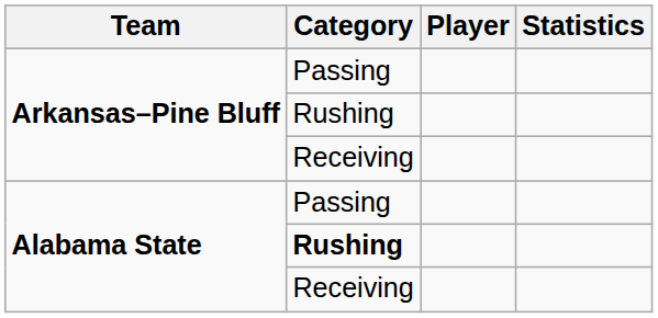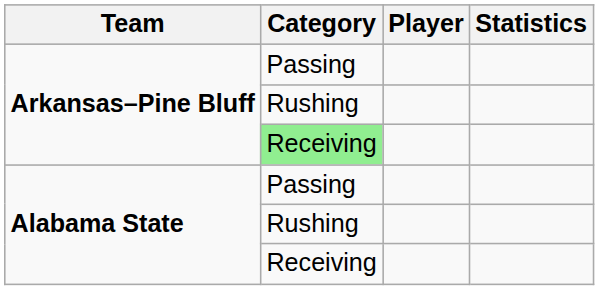 <table class="wikitable" style="float: left;">
 <tr>
 <th>Team</th>
 <th>Category</th>
 <th>Player</th>
 <th>Statistics</th>
 </tr>
 <tr>
 <td rowspan=3><strong>Arkansas–Pine Bluff</strong></td>
 <td>Passing</td>
 <td> </td>
 <td> </td>
 </tr>
 <tr>
 <td>Rushing</td>
 <td> </td>
 <td> </td>
 </tr>
 <tr>
-<td>Receiving</td>
+<td style="background: lightgreen;">Receiving</td>
 <td> </td>
 <td> </td>
 </tr>
 <tr>
 <td rowspan=3><strong>Alabama State</strong></td>
 <td>Passing</td>
 <td> </td>
 <td> </td>
 </tr>
 <tr>
-<td><strong>Rushing</strong></td>
+<td>Rushing</td>
 <td> </td>
 <td> </td>
 </tr>
 <tr>
 <td>Receiving</td>
 <td> </td>
 <td> </td>
 </tr>
 </table>
